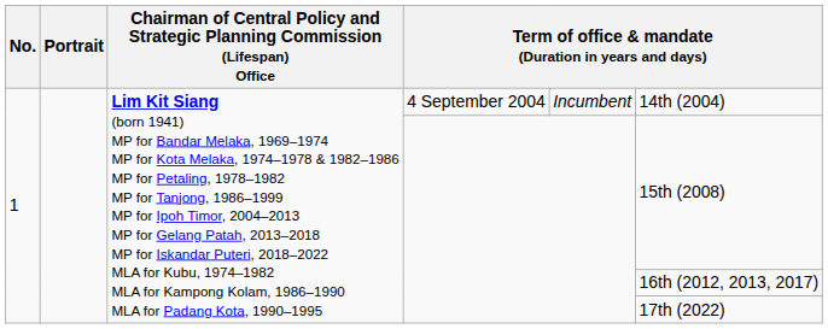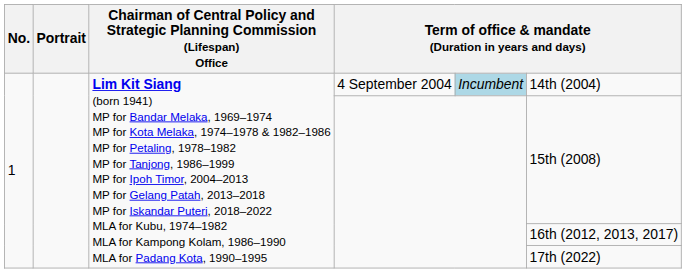 <table class="wikitable">
 <tr>
 <th>No.</th>
 <th>Portrait</th>
 <th>Chairman of Central Policy and<br>Strategic Planning Commission<br><small>(Lifespan)</small><br><small>Office</small></th>
 <th colspan="3">Term of office & mandate<br><small>(Duration in years and days)</small></th>
 </tr>
 <tr>
 <td rowspan="4">1</td>
 <td rowspan="4"></td>
 <td rowspan="4"><strong><a href='#'>Lim Kit Siang</a></strong><br> <small>(born 1941) </small> <br> <small> MP for <a href='#'>Bandar Melaka</a>, 1969–1974</small><br><small>MP for <a href='#'>Kota Melaka</a>, 1974–1978 & 1982–1986</small><br><small>MP for <a href='#'>Petaling</a>, 1978–1982</small><br><small>MP for <a href='#'>Tanjong</a>, 1986–1999</small><br><small>MP for <a href='#'>Ipoh Timor</a>, 2004–2013</small><br><small>MP for <a href='#'>Gelang Patah</a>, 2013–2018</small><br><small>MP for <a href='#'>Iskandar Puteri</a>, 2018–2022</small><br><small> MLA for Kubu, 1974–1982</small><br><small>MLA for Kampong Kolam, 1986–1990</small><br><small>MLA for <a href='#'>Padang Kota</a>, 1990–1995</small></td>
 <td>4 September 2004</td>
-<td><em>Incumbent</em></td>
+<td style="background: lightblue;"><em>Incumbent</em></td>
 <td>14th (2004)</td>
 </tr>
 <tr>
 <td colspan="2" rowspan="3" align="center"></td>
 <td>15th (2008)</td>
 </tr>
 <tr>
 <td>16th (2012, 2013, 2017)</td>
 </tr>
 <tr>
 <td>17th (2022)</td>
 </tr>
 </table>
